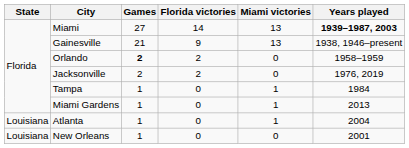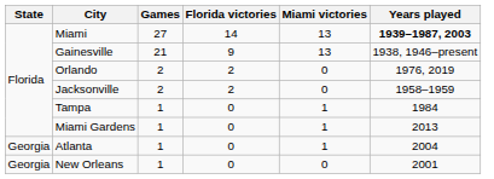 <table class="wikitable sortable">
 <tr>
 <th>State</th>
 <th>City</th>
 <th>Games</th>
 <th>Florida victories</th>
 <th>Miami victories</th>
 <th>Years played</th>
 </tr>
 <tr>
 <td rowspan="6">Florida</td>
 <td>Miami</td>
 <td style="text-align:center;">27</td>
 <td style="text-align:center;">14</td>
 <td style="text-align:center;">13</td>
 <td style="text-align:center;"><strong>1939–1987, 2003</strong></td>
 </tr>
 <tr>
 <td>Gainesville</td>
 <td style="text-align:center;">21</td>
 <td style="text-align:center;">9</td>
 <td style="text-align:center;">13</td>
 <td style="text-align:center;">1938, 1946–present</td>
 </tr>
 <tr>
 <td>Orlando</td>
-<td style="text-align:center;"><strong>2</strong></td>
+<td style="text-align:center;">2</td>
 <td style="text-align:center;">2</td>
 <td style="text-align:center;">0</td>
-<td style="text-align:center;">1958–1959</td>
+<td style="text-align:center;">1976, 2019</td>
 </tr>
 <tr>
 <td>Jacksonville</td>
 <td style="text-align:center;">2</td>
 <td style="text-align:center;">2</td>
 <td style="text-align:center;">0</td>
-<td style="text-align:center;">1976, 2019</td>
+<td style="text-align:center;">1958–1959</td>
 </tr>
 <tr>
 <td>Tampa</td>
 <td style="text-align:center;">1</td>
 <td style="text-align:center;">0</td>
 <td style="text-align:center;">1</td>
 <td style="text-align:center;">1984</td>
 </tr>
 <tr>
 <td>Miami Gardens</td>
 <td style="text-align:center;">1</td>
 <td style="text-align:center;">0</td>
 <td style="text-align:center;">1</td>
 <td style="text-align:center;">2013</td>
 </tr>
 <tr>
-<td>Louisiana</td>
+<td>Georgia</td>
 <td>Atlanta</td>
 <td style="text-align:center;">1</td>
 <td style="text-align:center;">0</td>
 <td style="text-align:center;">1</td>
 <td style="text-align:center;">2004</td>
 </tr>
 <tr>
-<td>Louisiana</td>
+<td>Georgia</td>
 <td>New Orleans</td>
 <td style="text-align:center;">1</td>
 <td style="text-align:center;">0</td>
 <td style="text-align:center;">0</td>
 <td style="text-align:center;">2001</td>
 </tr>
 </table>
